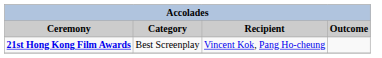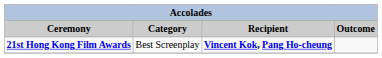 <table class="wikitable" style="font-size:95%;" ;>
 <tr style="background:#ccc; text-align:center;">
 <th colspan="4" style="background: LightSteelBlue;">Accolades</th>
 </tr>
 <tr style="background:#ccc; text-align:center;">
 <th style="background:#ccc">Ceremony</th>
 <th style="background:#ccc">Category</th>
 <th style="background:#ccc">Recipient</th>
 <th style="background:#ccc">Outcome</th>
 </tr>
 <tr>
 <td><strong><a href='#'>21st Hong Kong Film Awards</a></strong></td>
 <td>Best Screenplay</td>
-<td><a href='#'>Vincent Kok</a>, <a href='#'>Pang Ho-cheung</a></td>
+<td><strong><a href='#'>Vincent Kok</a>, <a href='#'>Pang Ho-cheung</a></strong></td>
 <td></td>
 </tr>
 <tr>
 </tr>
 </table>
